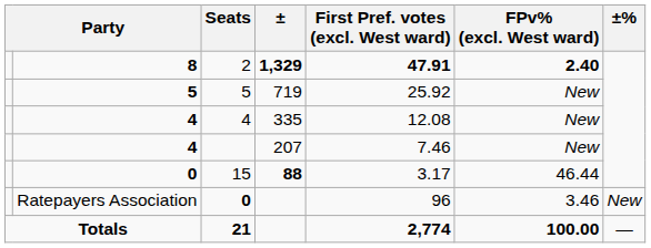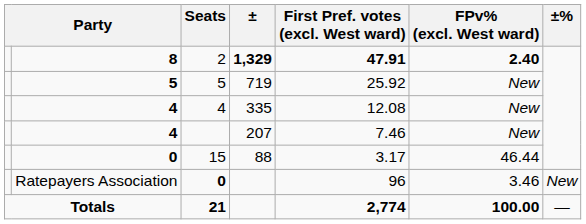 <table class=wikitable>
 <tr>
 <th colspan=2 align=center>Party</th>
 <th valign=top>Seats</th>
 <th valign=top>±</th>
 <th valign=top>First Pref. votes<br>(excl. West ward)</th>
 <th valign=top>FPv%<br>(excl. West ward)</th>
 <th valign=top>±%</th>
 </tr>
 <tr>
 <td></td>
 <td align=right><strong>8</strong></td>
 <td align=right>2</td>
 <td align=right><strong>1,329</strong></td>
 <td align=right><strong>47.91</strong></td>
 <td align=right><strong>2.40</strong></td>
 </tr>
 <tr>
 <td></td>
 <td align=right><strong>5</strong></td>
 <td align=right>5</td>
 <td align=right>719</td>
 <td align=right>25.92</td>
 <td align=right><em>New</em></td>
 </tr>
 <tr>
 <td></td>
 <td align=right><strong>4</strong></td>
 <td align=right>4</td>
 <td align=right>335</td>
 <td align=right>12.08</td>
 <td align=right><em>New</em></td>
 </tr>
 <tr>
 <td></td>
 <td align=right><strong>4</strong></td>
 <td align=right></td>
 <td align=right>207</td>
 <td align=right>7.46</td>
 <td align=right><em>New</em></td>
 </tr>
 <tr>
 <td></td>
 <td align=right><strong>0</strong></td>
 <td align=right>15</td>
-<td align=right><strong>88</strong></td>
+<td align=right>88</td>
 <td align=right>3.17</td>
 <td align=right>46.44</td>
 </tr>
 <tr>
 <td></td>
 <td>Ratepayers Association</td>
 <td align=right><strong>0</strong></td>
 <td align=right></td>
 <td align=right>96</td>
 <td align=right>3.46</td>
 <td align=right><em>New</em></td>
 </tr>
 <tr>
 <td colspan=2 align=center><strong>Totals</strong></td>
 <td align=right><strong>21</strong></td>
 <td align=center></td>
 <td align=right><strong>2,774</strong></td>
 <td align=right><strong>100.00</strong></td>
 <td align=center>—</td>
 </tr>
 </table>
